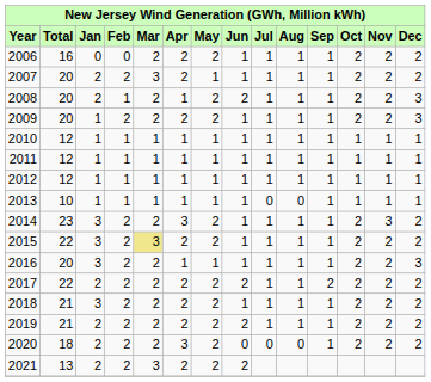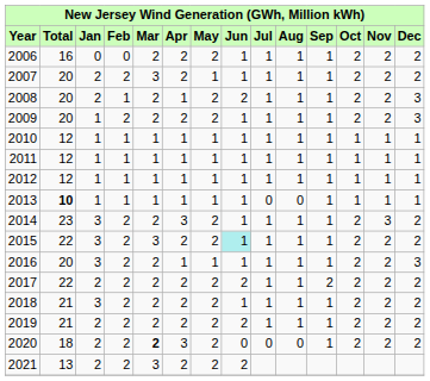 <table class="wikitable" style="text-align:right;">
 <tr>
 <th colspan="14" style="background:#cfb;">New Jersey Wind Generation (GWh, Million kWh)</th>
 </tr>
 <tr>
 <th style="background:#cfb;">Year</th>
 <th style="background:#cfb;">Total</th>
 <th style="background:#cfb;">Jan</th>
 <th style="background:#cfb;">Feb</th>
 <th style="background:#cfb;">Mar</th>
 <th style="background:#cfb;">Apr</th>
 <th style="background:#cfb;">May</th>
 <th style="background:#cfb;">Jun</th>
 <th style="background:#cfb;">Jul</th>
 <th style="background:#cfb;">Aug</th>
 <th style="background:#cfb;">Sep</th>
 <th style="background:#cfb;">Oct</th>
 <th style="background:#cfb;">Nov</th>
 <th style="background:#cfb;">Dec</th>
 </tr>
 <tr align=right>
 <td>2006</td>
 <td>16</td>
 <td>0</td>
 <td>0</td>
 <td>2</td>
 <td>2</td>
 <td>2</td>
 <td>1</td>
 <td>1</td>
 <td>1</td>
 <td>1</td>
 <td>2</td>
 <td>2</td>
 <td>2</td>
 </tr>
 <tr align=right>
 <td>2007</td>
 <td>20</td>
 <td>2</td>
 <td>2</td>
 <td>3</td>
 <td>2</td>
 <td>1</td>
 <td>1</td>
 <td>1</td>
 <td>1</td>
 <td>1</td>
 <td>2</td>
 <td>2</td>
 <td>2</td>
 </tr>
 <tr align=right>
 <td>2008</td>
 <td>20</td>
 <td>2</td>
 <td>1</td>
 <td>2</td>
 <td>1</td>
 <td>2</td>
 <td>2</td>
 <td>1</td>
 <td>1</td>
 <td>1</td>
 <td>2</td>
 <td>2</td>
 <td>3</td>
 </tr>
 <tr align=right>
 <td>2009</td>
 <td>20</td>
 <td>1</td>
 <td>2</td>
 <td>2</td>
 <td>2</td>
 <td>2</td>
 <td>1</td>
 <td>1</td>
 <td>1</td>
 <td>1</td>
 <td>2</td>
 <td>2</td>
 <td>3</td>
 </tr>
 <tr align=right>
 <td>2010</td>
 <td>12</td>
 <td>1</td>
 <td>1</td>
 <td>1</td>
 <td>1</td>
 <td>1</td>
 <td>1</td>
 <td>1</td>
 <td>1</td>
 <td>1</td>
 <td>1</td>
 <td>1</td>
 <td>1</td>
 </tr>
 <tr align=right>
 <td>2011</td>
 <td>12</td>
 <td>1</td>
 <td>1</td>
 <td>1</td>
 <td>1</td>
 <td>1</td>
 <td>1</td>
 <td>1</td>
 <td>1</td>
 <td>1</td>
 <td>1</td>
 <td>1</td>
 <td>1</td>
 </tr>
 <tr align=right>
 <td>2012</td>
 <td>12</td>
 <td>1</td>
 <td>1</td>
 <td>1</td>
 <td>1</td>
 <td>1</td>
 <td>1</td>
 <td>1</td>
 <td>1</td>
 <td>1</td>
 <td>1</td>
 <td>1</td>
 <td>1</td>
 </tr>
 <tr align=right>
 <td>2013</td>
-<td>10</td>
+<td><strong>10</strong></td>
 <td>1</td>
 <td>1</td>
 <td>1</td>
 <td>1</td>
 <td>1</td>
 <td>1</td>
 <td>0</td>
 <td>0</td>
 <td>1</td>
 <td>1</td>
 <td>1</td>
 <td>1</td>
 </tr>
 <tr align=right>
 <td>2014</td>
 <td>23</td>
 <td>3</td>
 <td>2</td>
 <td>2</td>
 <td>3</td>
 <td>2</td>
 <td>1</td>
 <td>1</td>
 <td>1</td>
 <td>1</td>
 <td>2</td>
 <td>3</td>
 <td>2</td>
 </tr>
 <tr align=right>
 <td>2015</td>
 <td>22</td>
 <td>3</td>
 <td>2</td>
-<td style="background: khaki;">3</td>
+<td>3</td>
 <td>2</td>
 <td>2</td>
-<td>1</td>
+<td style="background: paleturquoise;">1</td>
 <td>1</td>
 <td>1</td>
 <td>1</td>
 <td>2</td>
 <td>2</td>
 <td>2</td>
 </tr>
 <tr align=right>
 <td>2016</td>
 <td>20</td>
 <td>3</td>
 <td>2</td>
 <td>2</td>
 <td>1</td>
 <td>1</td>
 <td>1</td>
 <td>1</td>
 <td>1</td>
 <td>1</td>
 <td>2</td>
 <td>2</td>
 <td>3</td>
 </tr>
 <tr align=right>
 <td>2017</td>
 <td>22</td>
 <td>2</td>
 <td>2</td>
 <td>2</td>
 <td>2</td>
 <td>2</td>
 <td>2</td>
 <td>1</td>
 <td>1</td>
 <td>2</td>
 <td>2</td>
 <td>2</td>
 <td>2</td>
 </tr>
 <tr align=right>
 <td>2018</td>
 <td>21</td>
 <td>3</td>
 <td>2</td>
 <td>2</td>
 <td>2</td>
 <td>2</td>
 <td>1</td>
 <td>1</td>
 <td>1</td>
 <td>1</td>
 <td>2</td>
 <td>2</td>
 <td>2</td>
 </tr>
 <tr align=right>
 <td>2019</td>
 <td>21</td>
 <td>2</td>
 <td>2</td>
 <td>2</td>
 <td>2</td>
 <td>2</td>
 <td>2</td>
 <td>1</td>
 <td>1</td>
 <td>1</td>
 <td>2</td>
 <td>2</td>
 <td>2</td>
 </tr>
 <tr align=right>
 <td>2020</td>
 <td>18</td>
 <td>2</td>
 <td>2</td>
-<td>2</td>
+<td><strong>2</strong></td>
 <td>3</td>
 <td>2</td>
 <td>0</td>
 <td>0</td>
 <td>0</td>
 <td>1</td>
 <td>2</td>
 <td>2</td>
 <td>2</td>
 </tr>
 <tr align=right>
 <td>2021</td>
 <td>13</td>
 <td>2</td>
 <td>2</td>
 <td>3</td>
 <td>2</td>
 <td>2</td>
 <td>2</td>
 <td></td>
 <td></td>
 <td></td>
 <td></td>
 <td></td>
 <td></td>
 </tr>
 <tr align=right>
 </tr>
 </table>
